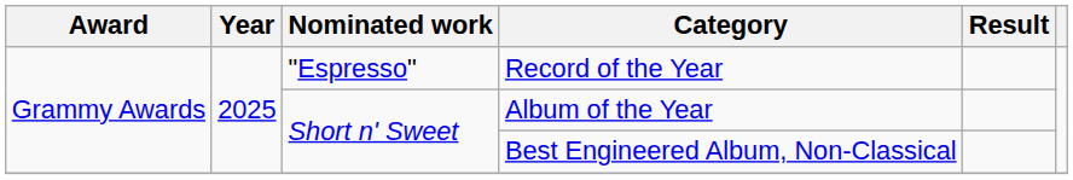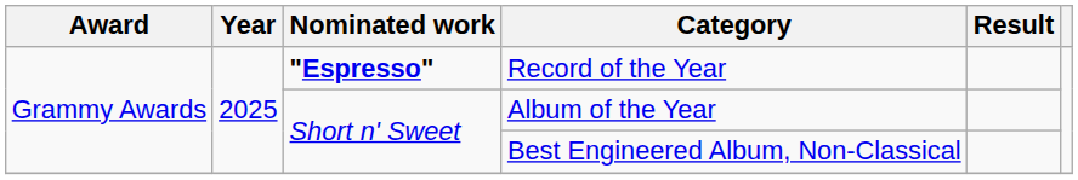 <table class="wikitable sortable plainrowheaders">
 <tr>
 <th scope="col">Award</th>
 <th scope="col">Year</th>
 <th scope="col">Nominated work</th>
 <th scope="col">Category</th>
 <th scope="col">Result</th>
 <th scope="col" class="unsortable"></th>
 </tr>
 <tr>
 <td rowspan="3"><a href='#'>Grammy Awards</a></td>
 <td rowspan="3"><a href='#'>2025</a></td>
-<td>"<a href='#'>Espresso</a>"</td>
+<td><strong>"<a href='#'>Espresso</a>"</strong></td>
 <td><a href='#'>Record of the Year</a></td>
 <td></td>
 <td rowspan="3" style="text-align:center;"></td>
 </tr>
 <tr>
 <td rowspan="2"><em><a href='#'>Short n' Sweet</a></em></td>
 <td><a href='#'>Album of the Year</a></td>
 <td></td>
 </tr>
 <tr>
 <td><a href='#'>Best Engineered Album, Non-Classical</a></td>
 <td></td>
 </tr>
 <tr>
 </tr>
 </table>
